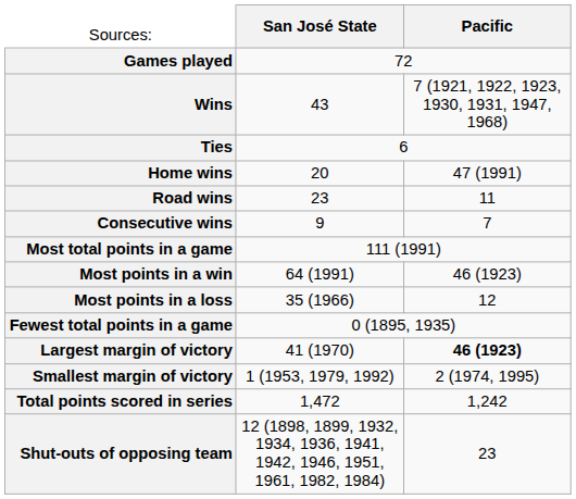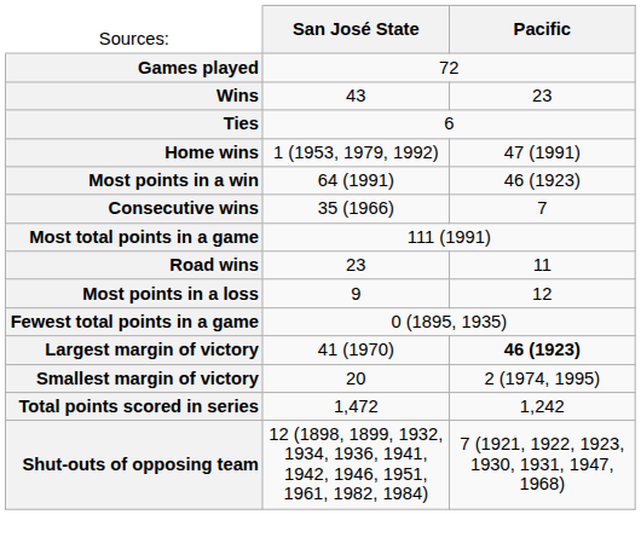 <table class="wikitable" style="border-collapse: collapse; text-align: center;">
 <tr>
 <td scope="row" style="background-color: #fff; border-top: 1px solid #fff; border-left: 1px solid #fff;"><br>Sources:</td>
 <th style="width: 10em;">San José State</th>
 <th style="width: 10em;">Pacific</th>
 </tr>
 <tr>
 <th style="text-align: right; width: 14em;">Games played</th>
 <td colspan="2" style="text-align: center;">72</td>
 </tr>
 <tr>
 <th style="text-align: right; width: 14em;">Wins</th>
 <td>43</td>
-<td>7 (1921, 1922, 1923, 1930, 1931, 1947, 1968)</td>
+<td>23</td>
 </tr>
 <tr>
 <th style="text-align: right; width: 14em;">Ties</th>
 <td colspan="2" style="text-align: center;">6</td>
 </tr>
 <tr>
 <th style="text-align: right; width: 14em;">Home wins</th>
-<td>20</td>
+<td>1 (1953, 1979, 1992)</td>
 <td>47 (1991)</td>
+</tr>
+<tr>
+<th style="text-align: right; width: 14em;">Most points in a win</th>
+<td>64 (1991)</td>
+<td>46 (1923)</td>
+</tr>
+<tr>
+<th style="text-align: right; width: 14em;">Consecutive wins</th>
+<td>35 (1966)</td>
+<td>7</td>
+</tr>
+<tr>
+<th style="text-align: right; width: 14em;">Most total points in a game</th>
+<td colspan="2" style="text-align: center;">111 (1991)</td>
 </tr>
 <tr>
 <th style="text-align: right; width: 14em;">Road wins</th>
 <td>23</td>
 <td>11</td>
 </tr>
 <tr>
-<th style="text-align: right; width: 14em;">Consecutive wins</th>
+<th style="text-align: right; width: 14em;">Most points in a loss</th>
 <td>9</td>
-<td>7</td>
-</tr>
-<tr>
-<th style="text-align: right; width: 14em;">Most total points in a game</th>
-<td colspan="2" style="text-align: center;">111 (1991)</td>
-</tr>
-<tr>
-<th style="text-align: right; width: 14em;">Most points in a win</th>
-<td>64 (1991)</td>
-<td>46 (1923)</td>
-</tr>
-<tr>
-<th style="text-align: right; width: 14em;">Most points in a loss</th>
-<td>35 (1966)</td>
 <td>12</td>
 </tr>
 <tr>
 <th style="text-align: right; width: 14em;">Fewest total points in a game</th>
 <td colspan="2" style="text-align: center;">0 (1895, 1935)</td>
 </tr>
 <tr>
 <th style="text-align: right; width: 14em;">Largest margin of victory</th>
 <td>41 (1970)</td>
 <td><strong>46 (1923)</strong></td>
 </tr>
 <tr>
 <th style="text-align: right; width: 14em;">Smallest margin of victory</th>
-<td>1 (1953, 1979, 1992)</td>
+<td>20</td>
 <td>2 (1974, 1995)</td>
 </tr>
 <tr>
 <th style="text-align: right; width: 14em;">Total points scored in series</th>
 <td>1,472</td>
 <td>1,242</td>
 </tr>
 <tr>
 <th style="text-align: right; width: 14em;">Shut-outs of opposing team</th>
 <td>12 (1898, 1899, 1932, 1934, 1936, 1941, 1942, 1946, 1951, 1961, 1982, 1984)</td>
-<td>23</td>
+<td>7 (1921, 1922, 1923, 1930, 1931, 1947, 1968)</td>
 </tr>
 </table>
